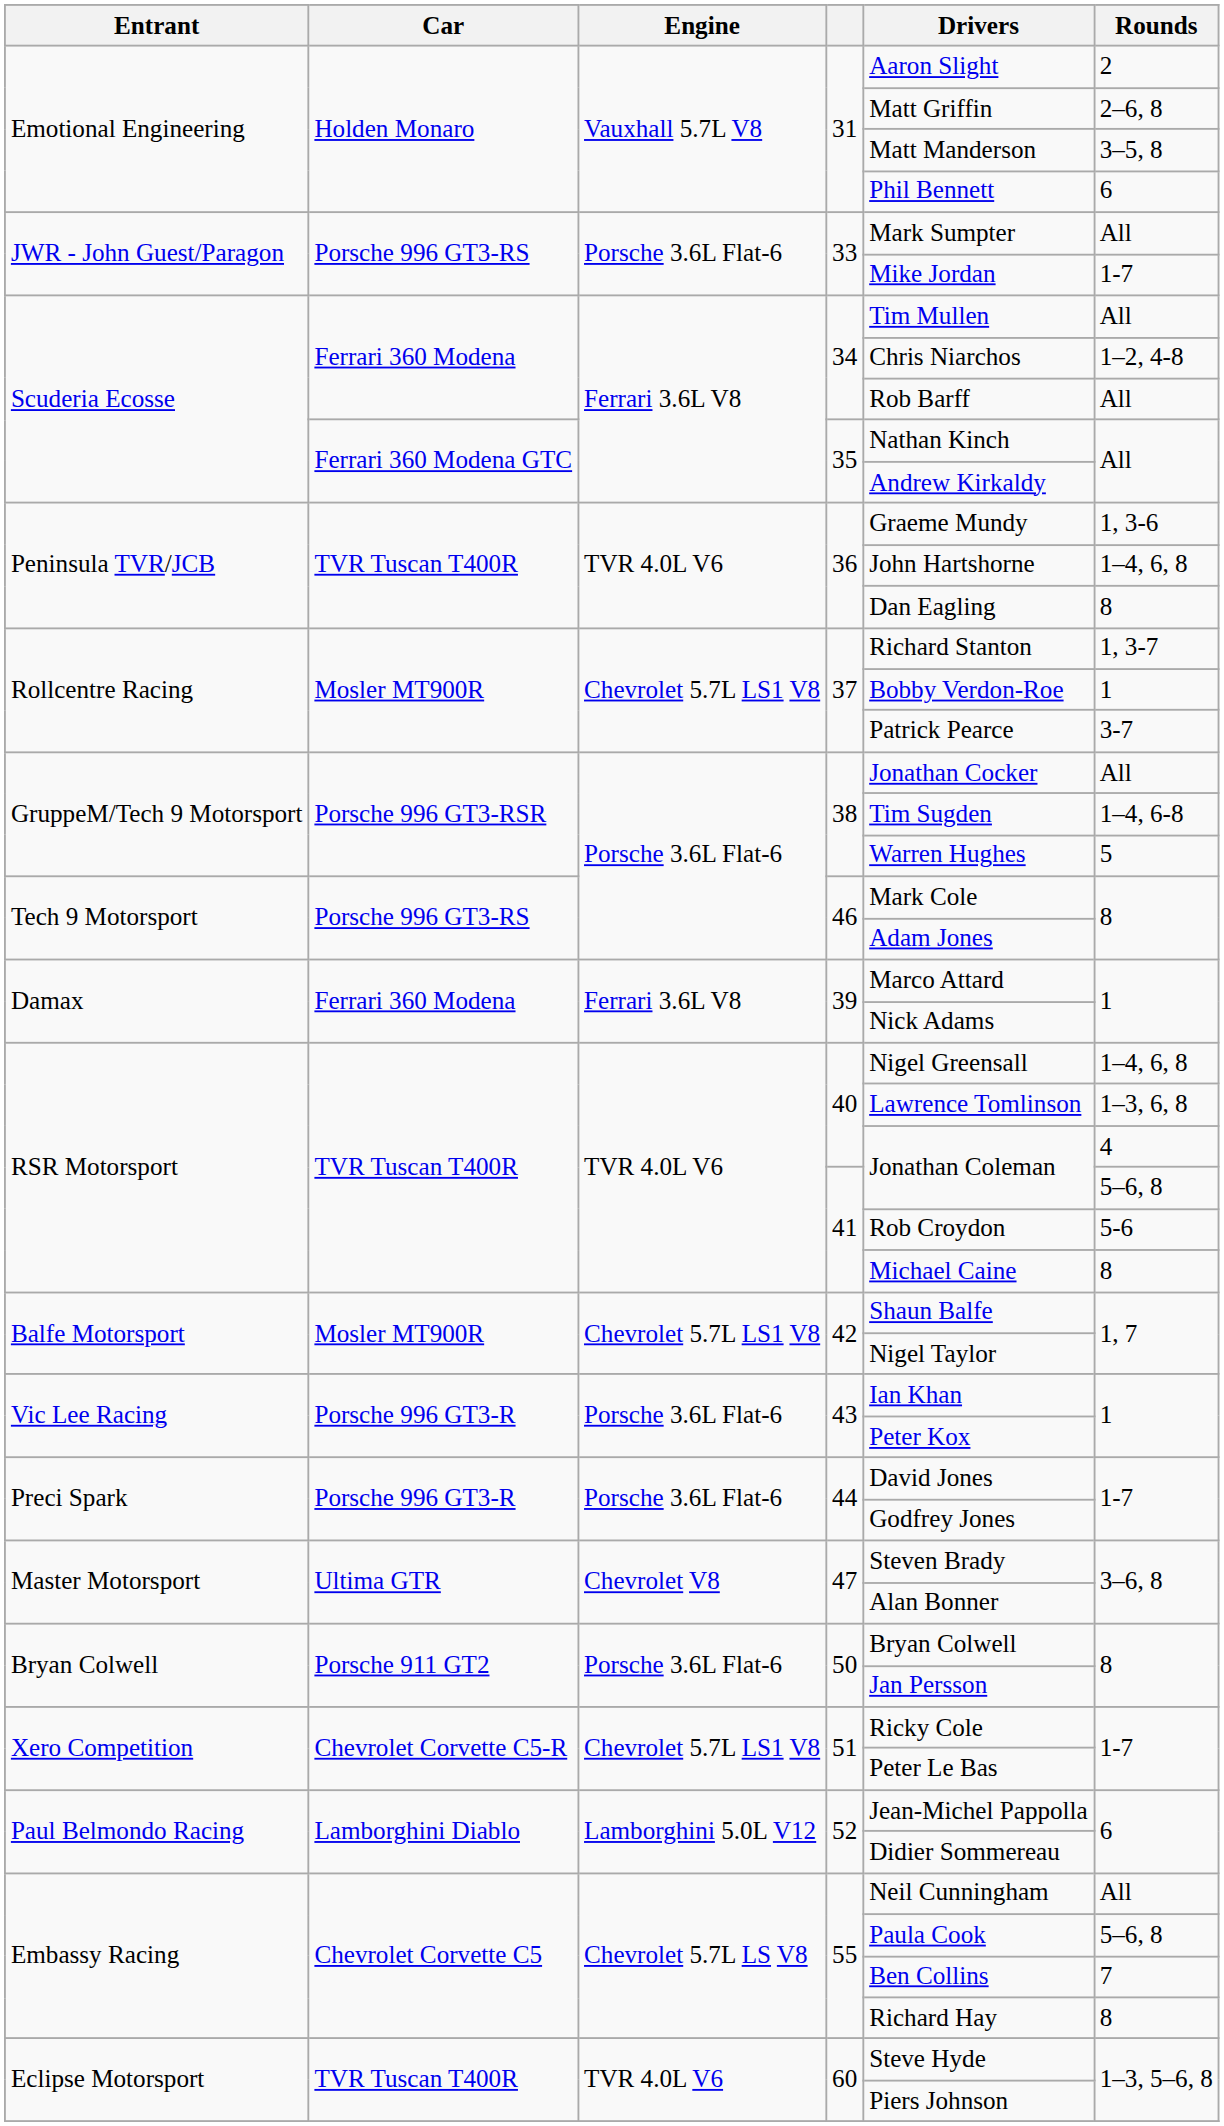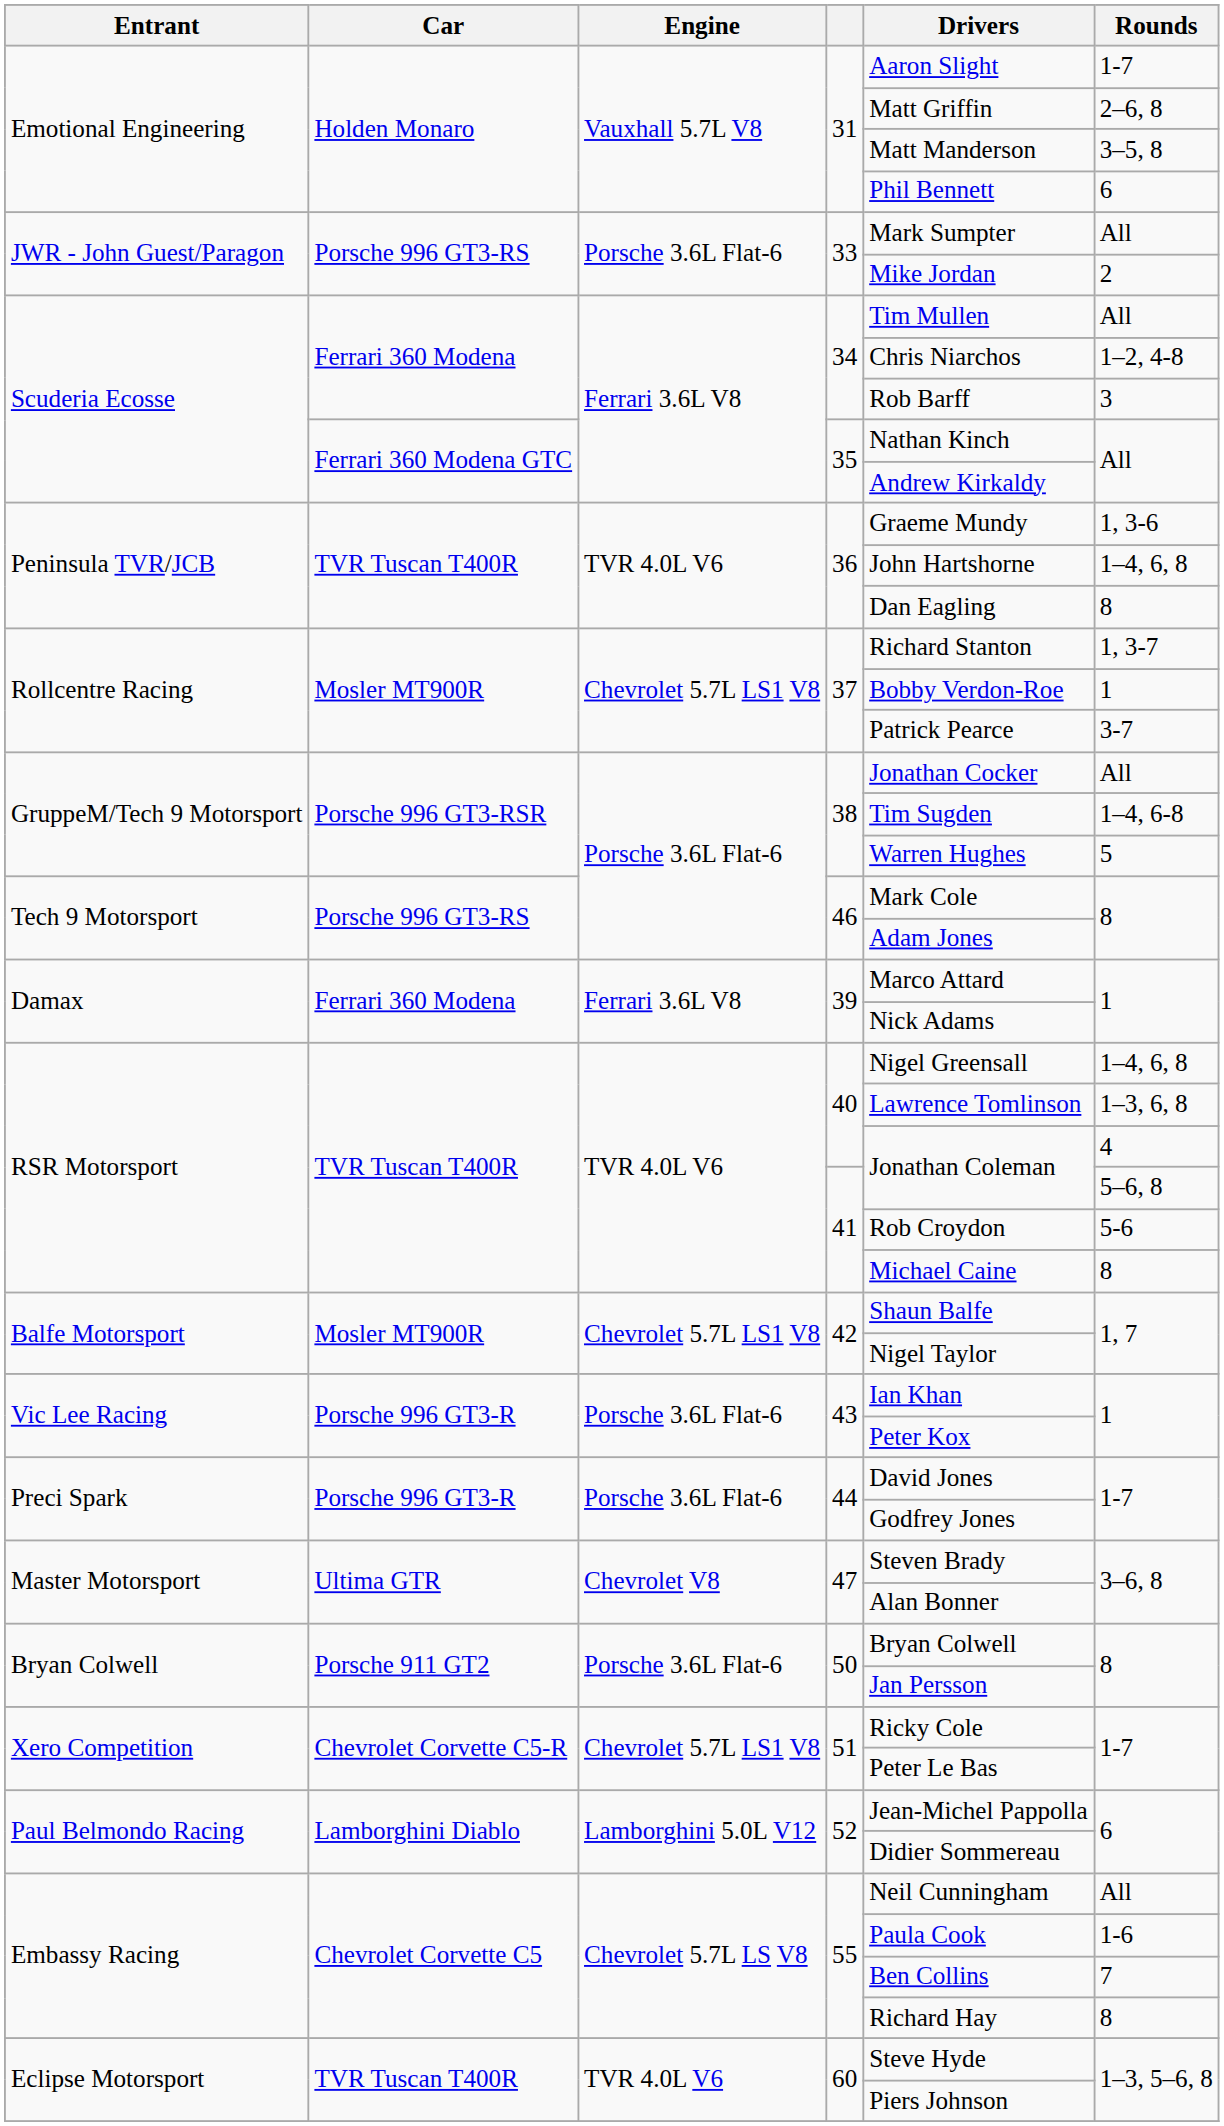 <table class="wikitable" style="font-size: 85%;">
 <tr>
 <th>Entrant</th>
 <th>Car</th>
 <th>Engine</th>
 <th></th>
 <th>Drivers</th>
 <th>Rounds</th>
 </tr>
 <tr>
 <td rowspan=4> Emotional Engineering</td>
 <td rowspan=4><a href='#'>Holden Monaro</a></td>
 <td rowspan=4><a href='#'>Vauxhall</a> 5.7L <a href='#'>V8</a></td>
 <td rowspan=4>31</td>
 <td> <a href='#'>Aaron Slight</a></td>
-<td>2</td>
+<td>1-7</td>
 </tr>
 <tr>
 <td> Matt Griffin</td>
 <td>2–6, 8</td>
 </tr>
 <tr>
 <td> Matt Manderson</td>
 <td>3–5, 8</td>
 </tr>
 <tr>
 <td> <a href='#'>Phil Bennett</a></td>
 <td>6</td>
 </tr>
 <tr>
 <td rowspan=2> <a href='#'>JWR - John Guest/Paragon</a></td>
 <td rowspan=2><a href='#'>Porsche 996 GT3-RS</a></td>
 <td rowspan=2><a href='#'>Porsche</a> 3.6L Flat-6</td>
 <td rowspan=2>33</td>
 <td> Mark Sumpter</td>
 <td>All</td>
 </tr>
 <tr>
 <td> <a href='#'>Mike Jordan</a></td>
-<td>1-7</td>
+<td>2</td>
 </tr>
 <tr>
 <td rowspan=5> <a href='#'>Scuderia Ecosse</a></td>
 <td rowspan=3><a href='#'>Ferrari 360 Modena</a></td>
 <td rowspan=5><a href='#'>Ferrari</a> 3.6L V8</td>
 <td rowspan=3>34</td>
 <td> <a href='#'>Tim Mullen</a></td>
 <td>All</td>
 </tr>
 <tr>
 <td> Chris Niarchos</td>
 <td>1–2, 4-8</td>
 </tr>
 <tr>
 <td> Rob Barff</td>
-<td>All</td>
+<td>3</td>
 </tr>
 <tr>
 <td rowspan=2><a href='#'>Ferrari 360 Modena GTC</a></td>
 <td rowspan=2>35</td>
 <td> Nathan Kinch</td>
 <td rowspan=2>All</td>
 </tr>
 <tr>
 <td> <a href='#'>Andrew Kirkaldy</a></td>
 </tr>
 <tr>
 <td rowspan=3> Peninsula <a href='#'>TVR</a>/<a href='#'>JCB</a></td>
 <td rowspan=3><a href='#'>TVR Tuscan T400R</a></td>
 <td rowspan=3>TVR 4.0L V6</td>
 <td rowspan=3>36</td>
 <td> Graeme Mundy</td>
 <td>1, 3-6</td>
 </tr>
 <tr>
 <td> John Hartshorne</td>
 <td>1–4, 6, 8</td>
 </tr>
 <tr>
 <td> Dan Eagling</td>
 <td>8</td>
 </tr>
 <tr>
 <td rowspan=3> Rollcentre Racing</td>
 <td rowspan=3><a href='#'>Mosler MT900R</a></td>
 <td rowspan=3><a href='#'>Chevrolet</a> 5.7L <a href='#'>LS1</a> <a href='#'>V8</a></td>
 <td rowspan=3>37</td>
 <td> Richard Stanton</td>
 <td>1, 3-7</td>
 </tr>
 <tr>
 <td> <a href='#'>Bobby Verdon-Roe</a></td>
 <td>1</td>
 </tr>
 <tr>
 <td> Patrick Pearce</td>
 <td>3-7</td>
 </tr>
 <tr>
 <td rowspan=3> GruppeM/Tech 9 Motorsport</td>
 <td rowspan=3><a href='#'>Porsche 996 GT3-RSR</a></td>
 <td rowspan=5><a href='#'>Porsche</a> 3.6L Flat-6</td>
 <td rowspan=3>38</td>
 <td> <a href='#'>Jonathan Cocker</a></td>
 <td>All</td>
 </tr>
 <tr>
 <td> <a href='#'>Tim Sugden</a></td>
 <td>1–4, 6-8</td>
 </tr>
 <tr>
 <td> <a href='#'>Warren Hughes</a></td>
 <td>5</td>
 </tr>
 <tr>
 <td rowspan=2> Tech 9 Motorsport</td>
 <td rowspan=2><a href='#'>Porsche 996 GT3-RS</a></td>
 <td rowspan=2>46</td>
 <td> Mark Cole</td>
 <td rowspan=2>8</td>
 </tr>
 <tr>
 <td> <a href='#'>Adam Jones</a></td>
 </tr>
 <tr>
 <td rowspan=2> Damax</td>
 <td rowspan=2><a href='#'>Ferrari 360 Modena</a></td>
 <td rowspan=2><a href='#'>Ferrari</a> 3.6L V8</td>
 <td rowspan=2>39</td>
 <td> Marco Attard</td>
 <td rowspan=2>1</td>
 </tr>
 <tr>
 <td> Nick Adams</td>
 </tr>
 <tr>
 <td rowspan=6> RSR Motorsport</td>
 <td rowspan=6><a href='#'>TVR Tuscan T400R</a></td>
 <td rowspan=6>TVR 4.0L V6</td>
 <td rowspan=3>40</td>
 <td> Nigel Greensall</td>
 <td>1–4, 6, 8</td>
 </tr>
 <tr>
 <td> <a href='#'>Lawrence Tomlinson</a></td>
 <td>1–3, 6, 8</td>
 </tr>
 <tr>
 <td rowspan=2> Jonathan Coleman</td>
 <td>4</td>
 </tr>
 <tr>
 <td rowspan=3>41</td>
 <td>5–6, 8</td>
 </tr>
 <tr>
 <td> Rob Croydon</td>
 <td>5-6</td>
 </tr>
 <tr>
 <td> <a href='#'>Michael Caine</a></td>
 <td>8</td>
 </tr>
 <tr>
 <td rowspan=2> <a href='#'>Balfe Motorsport</a></td>
 <td rowspan=2><a href='#'>Mosler MT900R</a></td>
 <td rowspan=2><a href='#'>Chevrolet</a> 5.7L <a href='#'>LS1</a> <a href='#'>V8</a></td>
 <td rowspan=2>42</td>
 <td> <a href='#'>Shaun Balfe</a></td>
 <td rowspan=2>1, 7</td>
 </tr>
 <tr>
 <td> Nigel Taylor</td>
 </tr>
 <tr>
 <td rowspan=2> <a href='#'>Vic Lee Racing</a></td>
 <td rowspan=2><a href='#'>Porsche 996 GT3-R</a></td>
 <td rowspan=2><a href='#'>Porsche</a> 3.6L Flat-6</td>
 <td rowspan=2>43</td>
 <td> <a href='#'>Ian Khan</a></td>
 <td rowspan=2>1</td>
 </tr>
 <tr>
 <td> <a href='#'>Peter Kox</a></td>
 </tr>
 <tr>
 <td rowspan=2> Preci Spark</td>
 <td rowspan=2><a href='#'>Porsche 996 GT3-R</a></td>
 <td rowspan=2><a href='#'>Porsche</a> 3.6L Flat-6</td>
 <td rowspan=2>44</td>
 <td> David Jones</td>
 <td rowspan=2>1-7</td>
 </tr>
 <tr>
 <td> Godfrey Jones</td>
 </tr>
 <tr>
 <td rowspan=2> Master Motorsport</td>
 <td rowspan=2><a href='#'>Ultima GTR</a></td>
 <td rowspan=2><a href='#'>Chevrolet</a> <a href='#'>V8</a></td>
 <td rowspan=2>47</td>
 <td> Steven Brady</td>
 <td rowspan=2>3–6, 8</td>
 </tr>
 <tr>
 <td> Alan Bonner</td>
 </tr>
 <tr>
 <td rowspan=2> Bryan Colwell</td>
 <td rowspan=2><a href='#'>Porsche 911 GT2</a></td>
 <td rowspan=2><a href='#'>Porsche</a> 3.6L Flat-6</td>
 <td rowspan=2>50</td>
 <td> Bryan Colwell</td>
 <td rowspan=2>8</td>
 </tr>
 <tr>
 <td> <a href='#'>Jan Persson</a></td>
 </tr>
 <tr>
 <td rowspan=2> <a href='#'>Xero Competition</a></td>
 <td rowspan=2><a href='#'>Chevrolet Corvette C5-R</a></td>
 <td rowspan=2><a href='#'>Chevrolet</a> 5.7L <a href='#'>LS1</a> <a href='#'>V8</a></td>
 <td rowspan=2>51</td>
 <td> Ricky Cole</td>
 <td rowspan=2>1-7</td>
 </tr>
 <tr>
 <td> Peter Le Bas</td>
 </tr>
 <tr>
 <td rowspan=2> <a href='#'>Paul Belmondo Racing</a></td>
 <td rowspan=2><a href='#'>Lamborghini Diablo</a></td>
 <td rowspan=2><a href='#'>Lamborghini</a> 5.0L <a href='#'>V12</a></td>
 <td rowspan=2>52</td>
 <td> Jean-Michel Pappolla</td>
 <td rowspan=2>6</td>
 </tr>
 <tr>
 <td> Didier Sommereau</td>
 </tr>
 <tr>
 <td rowspan=4> Embassy Racing</td>
 <td rowspan=4><a href='#'>Chevrolet Corvette C5</a></td>
 <td rowspan=4><a href='#'>Chevrolet</a> 5.7L <a href='#'>LS</a> <a href='#'>V8</a></td>
 <td rowspan=4>55</td>
 <td> Neil Cunningham</td>
 <td>All</td>
 </tr>
 <tr>
 <td> <a href='#'>Paula Cook</a></td>
-<td>5–6, 8</td>
+<td>1-6</td>
 </tr>
 <tr>
 <td> <a href='#'>Ben Collins</a></td>
 <td>7</td>
 </tr>
 <tr>
 <td> Richard Hay</td>
 <td>8</td>
 </tr>
 <tr>
 <td rowspan=2> Eclipse Motorsport</td>
 <td rowspan=2><a href='#'>TVR Tuscan T400R</a></td>
 <td rowspan=2>TVR 4.0L <a href='#'>V6</a></td>
 <td rowspan=2>60</td>
 <td> Steve Hyde</td>
 <td rowspan=2>1–3, 5–6, 8</td>
 </tr>
 <tr>
 <td> Piers Johnson</td>
 </tr>
 <tr>
 </tr>
 </table>
